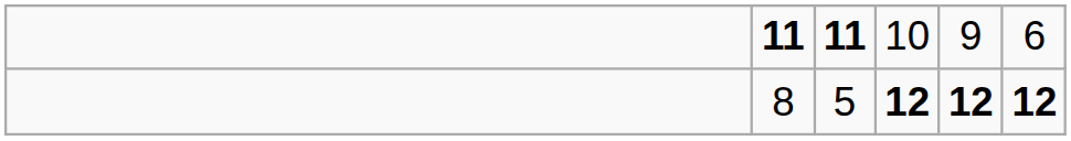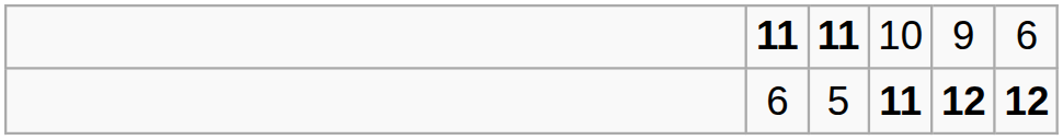 <table class="wikitable">
 <tr>
 <td style="width:18em"></td>
 <td align=center style="width:1em"><strong>11</strong></td>
 <td align=center style="width:1em"><strong>11</strong></td>
 <td align=center style="width:1em">10</td>
 <td align=center style="width:1em">9</td>
 <td align=center style="width:1em">6</td>
 </tr>
 <tr>
 <td style="width:18em"><strong></strong></td>
-<td align=center style="width:1em">8</td>
+<td align=center style="width:1em">6</td>
 <td align=center style="width:1em">5</td>
-<td align=center style="width:1em"><strong>12</strong></td>
+<td align=center style="width:1em"><strong>11</strong></td>
 <td align=center style="width:1em"><strong>12</strong></td>
 <td align=center style="width:1em"><strong>12</strong></td>
 </tr>
 </table>
